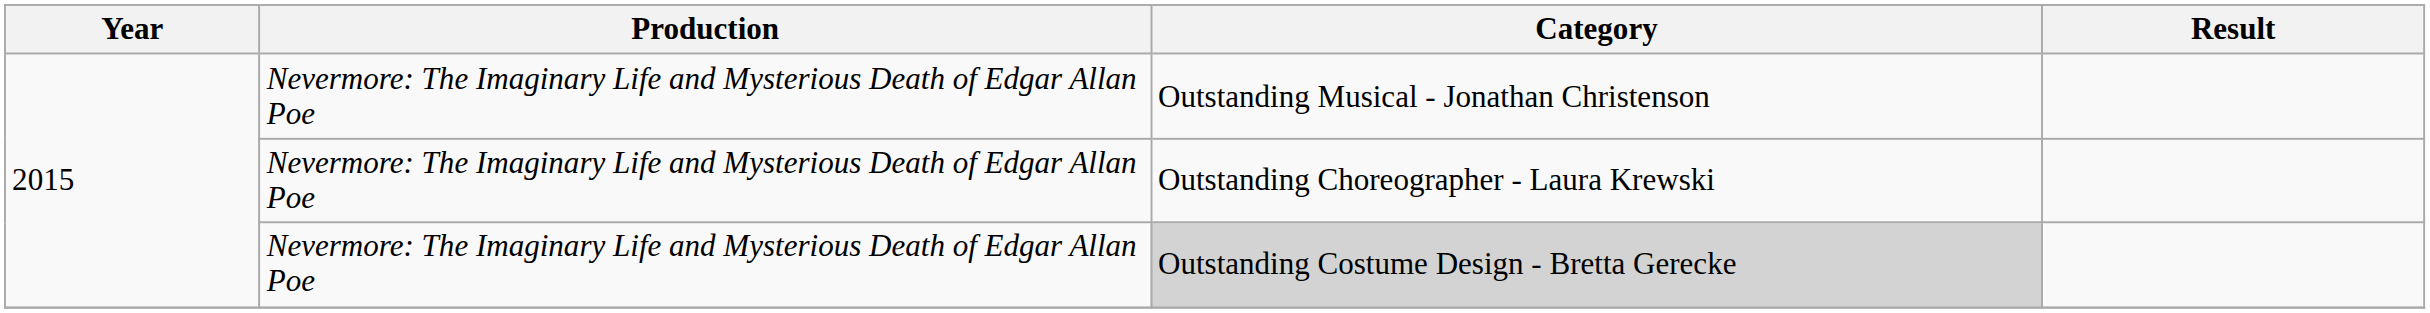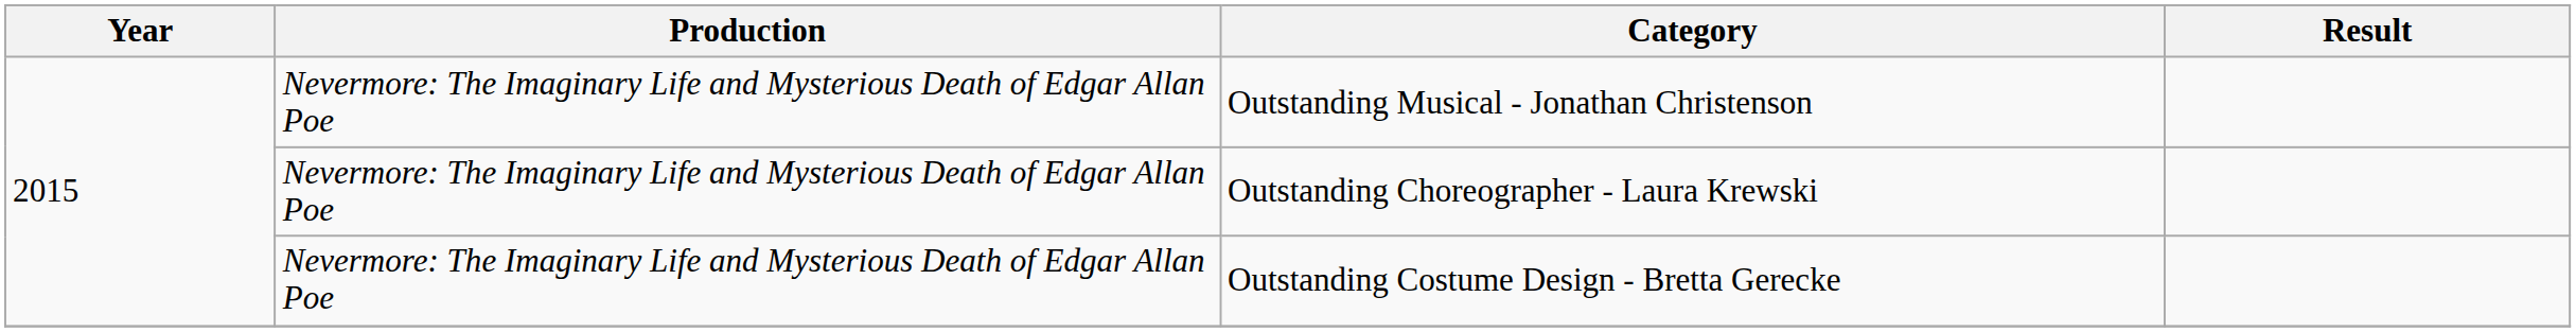 <table class="wikitable">
 <tr>
 <th style="width:10%;">Year</th>
 <th style="width:35%;">Production</th>
 <th style="width:35%;">Category</th>
 <th style="width:15%;">Result</th>
 </tr>
 <tr>
 <td rowspan="3">2015</td>
 <td><em>Nevermore: The Imaginary Life and Mysterious Death of Edgar Allan Poe</em></td>
 <td>Outstanding Musical - Jonathan Christenson</td>
 <td></td>
 </tr>
 <tr>
 <td><em>Nevermore: The Imaginary Life and Mysterious Death of Edgar Allan Poe</em></td>
 <td>Outstanding Choreographer - Laura Krewski</td>
 <td></td>
 </tr>
 <tr>
 <td><em>Nevermore: The Imaginary Life and Mysterious Death of Edgar Allan Poe</em></td>
-<td style="background: lightgrey;">Outstanding Costume Design - Bretta Gerecke</td>
+<td>Outstanding Costume Design - Bretta Gerecke</td>
 <td></td>
 </tr>
 <tr>
 </tr>
 </table>
